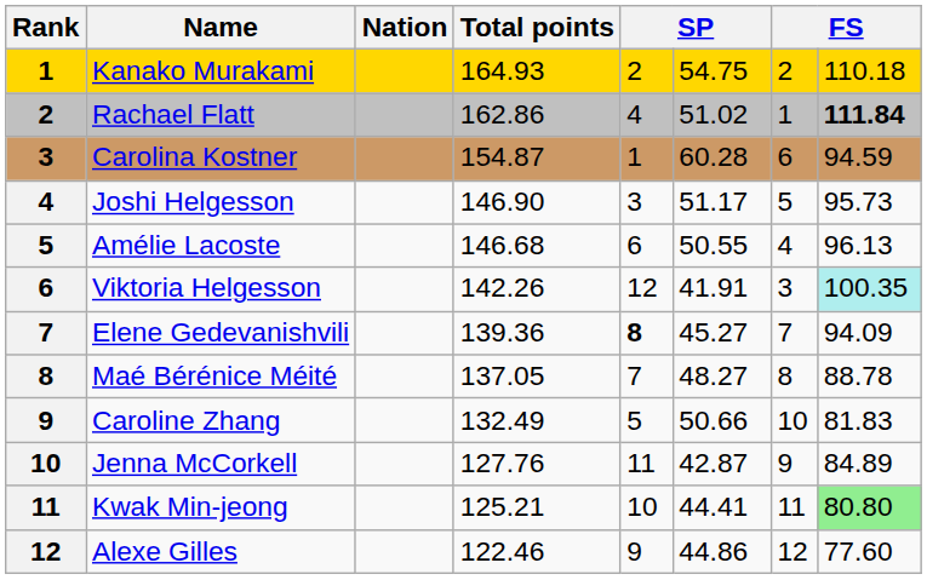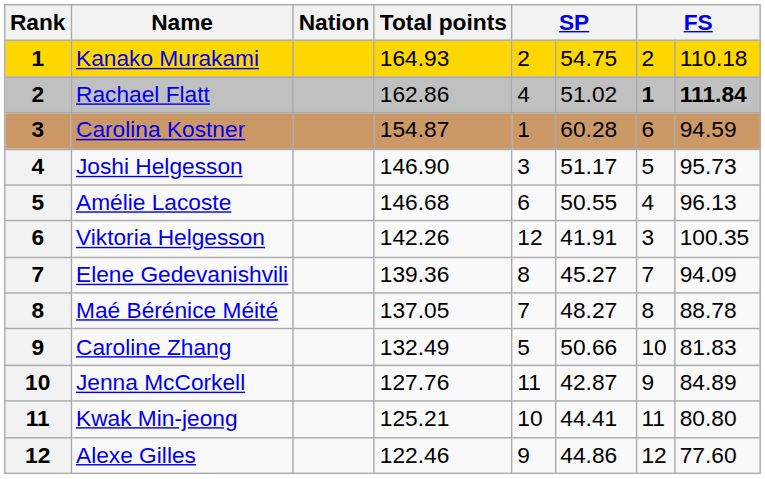 <table class="wikitable sortable">
 <tr>
 <th>Rank</th>
 <th>Name</th>
 <th>Nation</th>
 <th>Total points</th>
 <th colspan="2" width="80px"><a href='#'>SP</a></th>
 <th colspan="2" width="80px"><a href='#'>FS</a></th>
 </tr>
 <tr bgcolor="gold">
 <td align="center"><strong>1</strong></td>
 <td><a href='#'>Kanako Murakami</a></td>
 <td></td>
 <td>164.93</td>
 <td>2</td>
 <td>54.75</td>
 <td>2</td>
 <td>110.18</td>
 </tr>
 <tr bgcolor="silver">
 <td align="center"><strong>2</strong></td>
 <td><a href='#'>Rachael Flatt</a></td>
 <td></td>
 <td>162.86</td>
 <td>4</td>
 <td>51.02</td>
-<td>1</td>
+<td><strong>1</strong></td>
 <td><strong>111.84</strong></td>
 </tr>
 <tr bgcolor="cc9966">
 <td align="center"><strong>3</strong></td>
 <td><a href='#'>Carolina Kostner</a></td>
 <td></td>
 <td>154.87</td>
 <td>1</td>
 <td>60.28</td>
 <td>6</td>
 <td>94.59</td>
 </tr>
 <tr>
 <th>4</th>
 <td><a href='#'>Joshi Helgesson</a></td>
 <td></td>
 <td>146.90</td>
 <td>3</td>
 <td>51.17</td>
 <td>5</td>
 <td>95.73</td>
 </tr>
 <tr>
 <th>5</th>
 <td><a href='#'>Amélie Lacoste</a></td>
 <td></td>
 <td>146.68</td>
 <td>6</td>
 <td>50.55</td>
 <td>4</td>
 <td>96.13</td>
 </tr>
 <tr>
 <th>6</th>
 <td><a href='#'>Viktoria Helgesson</a></td>
 <td></td>
 <td>142.26</td>
 <td>12</td>
 <td>41.91</td>
 <td>3</td>
-<td style="background: paleturquoise;">100.35</td>
+<td>100.35</td>
 </tr>
 <tr>
 <th>7</th>
 <td><a href='#'>Elene Gedevanishvili</a></td>
 <td></td>
 <td>139.36</td>
-<td><strong>8</strong></td>
+<td>8</td>
 <td>45.27</td>
 <td>7</td>
 <td>94.09</td>
 </tr>
 <tr>
 <th>8</th>
 <td><a href='#'>Maé Bérénice Méité</a></td>
 <td></td>
 <td>137.05</td>
 <td>7</td>
 <td>48.27</td>
 <td>8</td>
 <td>88.78</td>
 </tr>
 <tr>
 <th>9</th>
 <td><a href='#'>Caroline Zhang</a></td>
 <td></td>
 <td>132.49</td>
 <td>5</td>
 <td>50.66</td>
 <td>10</td>
 <td>81.83</td>
 </tr>
 <tr>
 <th>10</th>
 <td><a href='#'>Jenna McCorkell</a></td>
 <td></td>
 <td>127.76</td>
 <td>11</td>
 <td>42.87</td>
 <td>9</td>
 <td>84.89</td>
 </tr>
 <tr>
 <th>11</th>
 <td><a href='#'>Kwak Min-jeong</a></td>
 <td></td>
 <td>125.21</td>
 <td>10</td>
 <td>44.41</td>
 <td>11</td>
-<td style="background: lightgreen;">80.80</td>
+<td>80.80</td>
 </tr>
 <tr>
 <th>12</th>
 <td><a href='#'>Alexe Gilles</a></td>
 <td></td>
 <td>122.46</td>
 <td>9</td>
 <td>44.86</td>
 <td>12</td>
 <td>77.60</td>
 </tr>
 </table>
